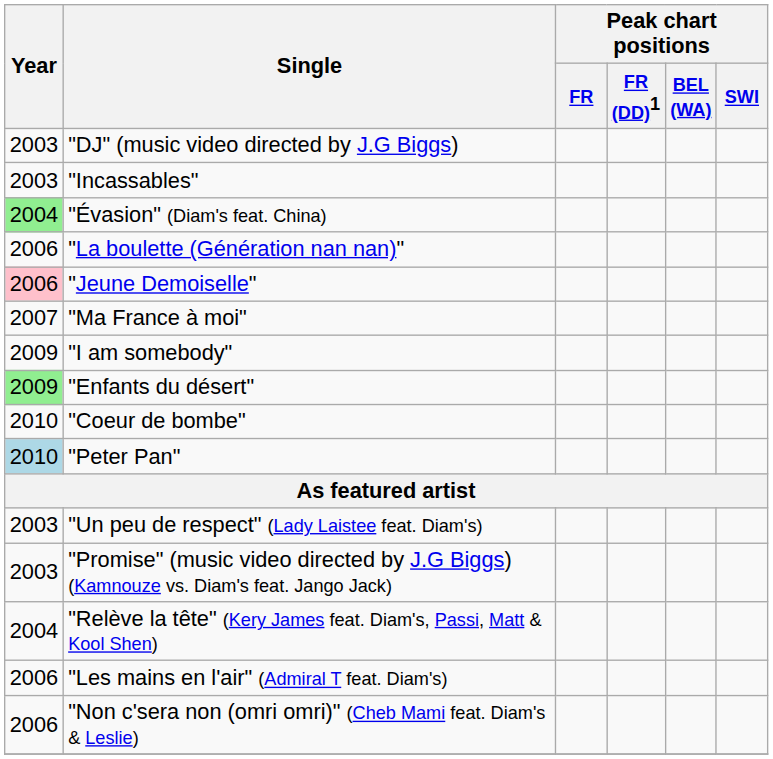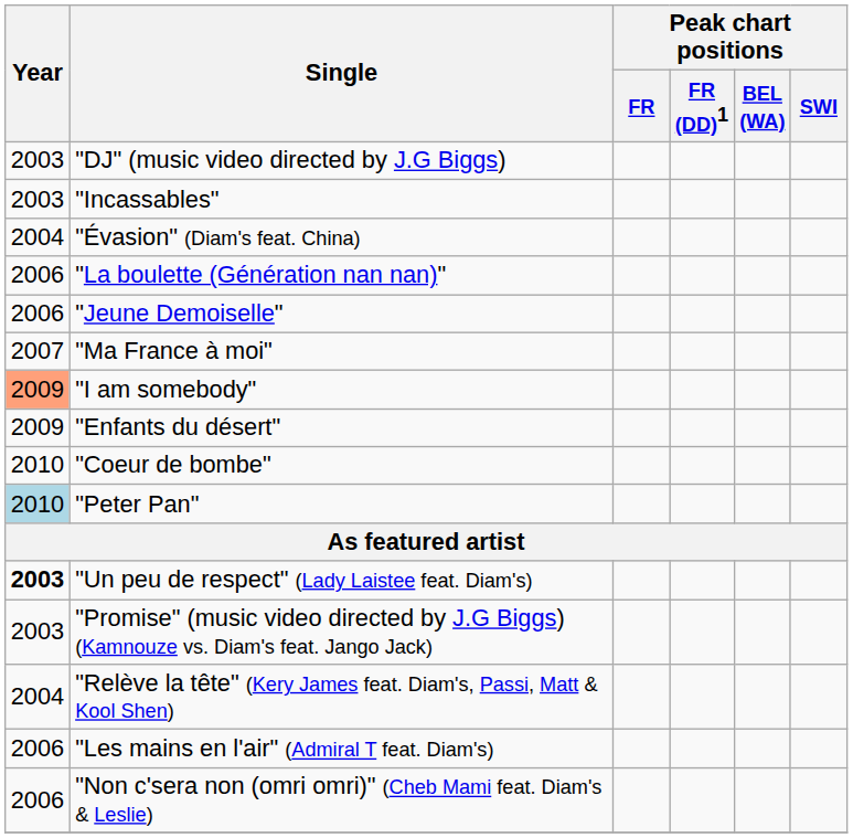 <table class="wikitable">
 <tr>
 <th align="center" rowspan="2">Year</th>
 <th align="center" rowspan="2" width="355">Single</th>
 <th align="center" colspan="4">Peak chart positions</th>
 </tr>
 <tr ----->
 <th width="30"><small><a href='#'>FR</a></small></th>
 <th width="30"><small><a href='#'>FR (DD)</a></small><sup>1</sup></th>
 <th width="30"><small><a href='#'>BEL (WA)</a></small></th>
 <th width="30"><small><a href='#'>SWI</a></small></th>
 </tr>
 <tr ----->
 <td align="center">2003</td>
 <td>"DJ" (music video directed by <a href='#'>J.G Biggs</a>)</td>
 <td></td>
 <td></td>
 <td></td>
 <td></td>
 </tr>
 <tr ----->
 <td align="center">2003</td>
 <td>"Incassables"</td>
 <td></td>
 <td></td>
 <td></td>
 <td></td>
 </tr>
 <tr ----->
-<td align="center" style="background: lightgreen;">2004</td>
+<td align="center">2004</td>
 <td>"Évasion" <small>(Diam's feat. China)</small></td>
 <td></td>
 <td></td>
 <td></td>
 <td></td>
 </tr>
 <tr ----->
 <td align="center">2006</td>
 <td>"<a href='#'>La boulette (Génération nan nan)</a>"</td>
 <td></td>
 <td></td>
 <td></td>
 <td></td>
 </tr>
 <tr ----->
-<td align="center" style="background: pink;">2006</td>
+<td align="center">2006</td>
 <td>"<a href='#'>Jeune Demoiselle</a>"</td>
 <td></td>
 <td></td>
 <td></td>
 <td></td>
 </tr>
 <tr ----->
 <td align="center">2007</td>
 <td>"Ma France à moi"</td>
 <td></td>
 <td></td>
 <td></td>
 <td></td>
 </tr>
 <tr ----->
-<td align="center">2009</td>
+<td align="center" style="background: lightsalmon;">2009</td>
 <td>"I am somebody"</td>
 <td></td>
 <td></td>
 <td></td>
 <td></td>
 </tr>
 <tr ----->
-<td align="center" style="background: lightgreen;">2009</td>
+<td align="center">2009</td>
 <td>"Enfants du désert"</td>
 <td></td>
 <td></td>
 <td></td>
 <td></td>
 </tr>
 <tr ----->
 <td align="center">2010</td>
 <td>"Coeur de bombe"</td>
 <td></td>
 <td></td>
 <td></td>
 <td></td>
 </tr>
 <tr ----->
 <td align="center" style="background: lightblue;">2010</td>
 <td>"Peter Pan"</td>
 <td></td>
 <td></td>
 <td></td>
 <td></td>
 </tr>
 <tr ----->
 <th colspan="22">As featured artist</th>
 </tr>
 <tr ----->
-<td align="center">2003</td>
+<td align="center"><strong>2003</strong></td>
 <td>"Un peu de respect" <small>(<a href='#'>Lady Laistee</a> feat. Diam's)</small></td>
 <td></td>
 <td></td>
 <td></td>
 <td></td>
 </tr>
 <tr ----->
 <td align="center">2003</td>
 <td>"Promise" (music video directed by <a href='#'>J.G Biggs</a>) <small>(<a href='#'>Kamnouze</a> vs. Diam's feat. Jango Jack)</small></td>
 <td></td>
 <td></td>
 <td></td>
 <td></td>
 </tr>
 <tr ----->
 <td align="center">2004</td>
 <td>"Relève la tête" <small>(<a href='#'>Kery James</a> feat. Diam's, <a href='#'>Passi</a>, <a href='#'>Matt</a> & <a href='#'>Kool Shen</a>)</small></td>
 <td></td>
 <td></td>
 <td></td>
 <td></td>
 </tr>
 <tr ----->
 <td align="center">2006</td>
 <td>"Les mains en l'air" <small>(<a href='#'>Admiral T</a> feat. Diam's)</small></td>
 <td></td>
 <td></td>
 <td></td>
 <td></td>
 </tr>
 <tr ----->
 <td align="center">2006</td>
 <td>"Non c'sera non (omri omri)" <small>(<a href='#'>Cheb Mami</a> feat. Diam's & <a href='#'>Leslie</a>)</small></td>
 <td></td>
 <td></td>
 <td></td>
 <td></td>
 </tr>
 <tr ----->
 </tr>
 </table>
